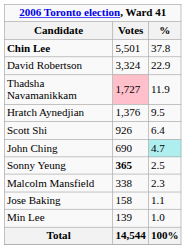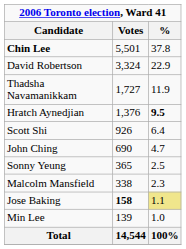 <table class="wikitable">
 <tr>
 <td Colspan="3" align="center"><strong><a href='#'>2006 Toronto election</a>, Ward 41</strong></td>
 </tr>
 <tr>
 <th bgcolor="#DDDDFF" width="150px">Candidate</th>
 <th bgcolor="#DDDDFF">Votes</th>
 <th bgcolor="#DDDDFF">%</th>
 </tr>
 <tr>
 <td><strong>Chin Lee</strong></td>
 <td>5,501</td>
 <td>37.8</td>
 </tr>
 <tr>
 <td>David Robertson</td>
 <td>3,324</td>
 <td>22.9</td>
 </tr>
 <tr>
 <td>Thadsha Navamanikkam</td>
-<td style="background: pink;">1,727</td>
+<td>1,727</td>
 <td>11.9</td>
 </tr>
 <tr>
 <td>Hratch Aynedjian</td>
 <td>1,376</td>
-<td>9.5</td>
+<td><strong>9.5</strong></td>
 </tr>
 <tr>
 <td>Scott Shi</td>
 <td>926</td>
 <td>6.4</td>
 </tr>
 <tr>
 <td>John Ching</td>
 <td>690</td>
-<td style="background: paleturquoise;">4.7</td>
+<td>4.7</td>
 </tr>
 <tr>
 <td>Sonny Yeung</td>
-<td><strong>365</strong></td>
+<td>365</td>
 <td>2.5</td>
 </tr>
 <tr>
 <td>Malcolm Mansfield</td>
 <td>338</td>
 <td>2.3</td>
 </tr>
 <tr>
 <td>Jose Baking</td>
-<td>158</td>
-<td>1.1</td>
+<td><strong>158</strong></td>
+<td style="background: khaki;">1.1</td>
 </tr>
 <tr>
 <td>Min Lee</td>
 <td>139</td>
 <td>1.0</td>
 </tr>
 <tr>
 <th>Total</th>
 <th>14,544</th>
 <th>100%</th>
 </tr>
 <tr>
 </tr>
 </table>
